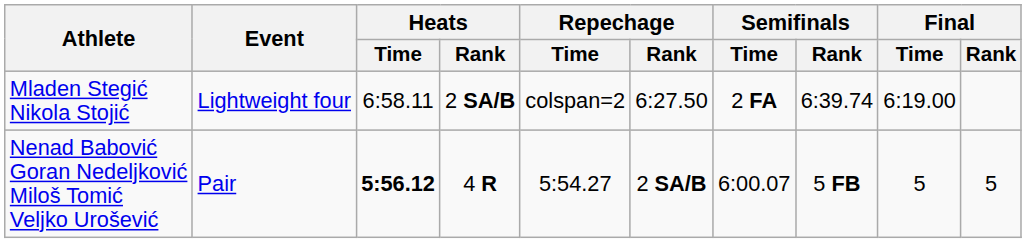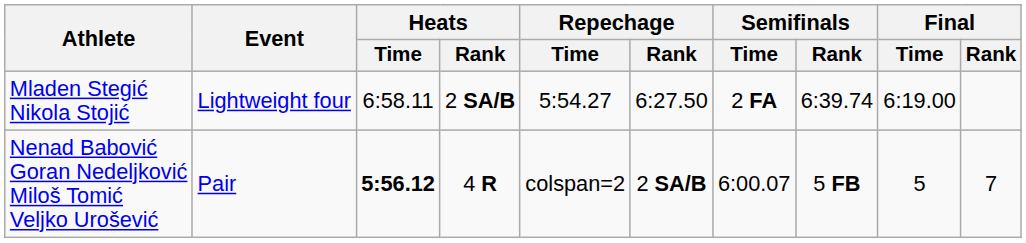 <table class="wikitable" style="font-size:90%;">
 <tr>
 <th rowspan="2">Athlete</th>
 <th rowspan="2">Event</th>
 <th colspan="2">Heats</th>
 <th colspan="2">Repechage</th>
 <th colspan="2">Semifinals</th>
 <th colspan="2">Final</th>
 </tr>
 <tr style="font-size:95%">
 <th>Time</th>
 <th>Rank</th>
 <th>Time</th>
 <th>Rank</th>
 <th>Time</th>
 <th>Rank</th>
 <th>Time</th>
 <th>Rank</th>
 </tr>
 <tr align=center>
 <td align=left><a href='#'>Mladen Stegić</a><br><a href='#'>Nikola Stojić</a></td>
 <td align=left><a href='#'>Lightweight four</a></td>
 <td>6:58.11</td>
 <td>2 <strong>SA/B</strong></td>
-<td>colspan=2 </td>
+<td>5:54.27</td>
 <td>6:27.50</td>
 <td>2 <strong>FA</strong></td>
 <td>6:39.74</td>
 <td>6:19.00</td>
 </tr>
 <tr align=center>
 <td align=left><a href='#'>Nenad Babović</a><br><a href='#'>Goran Nedeljković</a><br><a href='#'>Miloš Tomić</a><br><a href='#'>Veljko Urošević</a></td>
 <td align=left><a href='#'>Pair</a></td>
 <td><strong>5:56.12</strong></td>
 <td>4 <strong>R</strong></td>
-<td>5:54.27</td>
+<td>colspan=2 </td>
 <td>2 <strong>SA/B</strong></td>
 <td>6:00.07</td>
 <td>5 <strong>FB</strong></td>
 <td>5</td>
-<td>5</td>
+<td>7</td>
 </tr>
 </table>
